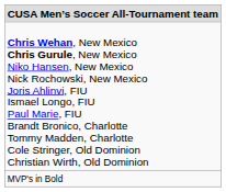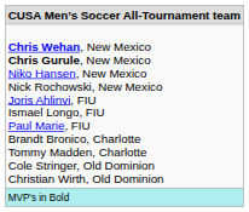 <table class="wikitable" style="white-space:nowrap; font-size:90%;">
 <tr>
 <td colspan="7" style="text-align:center; background:#ddd;"><strong>CUSA Men’s Soccer All-Tournament team</strong></td>
 </tr>
 <tr>
 <td><br><strong><a href='#'>Chris Wehan</a></strong>, New Mexico<br> <strong>Chris Gurule</strong>, New Mexico<br> <a href='#'>Niko Hansen</a>, New Mexico<br> Nick Rochowski, New Mexico<br> <a href='#'>Joris Ahlinvi</a>, FIU<br> Ismael Longo, FIU<br> <a href='#'>Paul Marie</a>, FIU<br> Brandt Bronico, Charlotte<br> Tommy Madden, Charlotte<br> Cole Stringer, Old Dominion<br> Christian Wirth, Old Dominion<br></td>
 </tr>
 <tr>
-<td><small>MVP's in Bold</small></td>
+<td style="background: paleturquoise;"><small>MVP's in Bold</small></td>
 </tr>
 </table>
